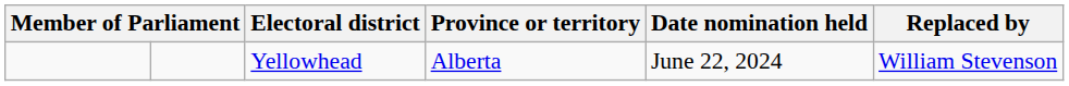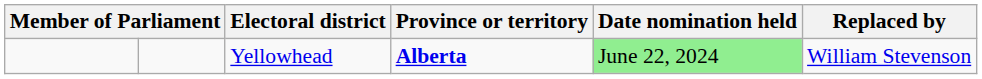 <table class="wikitable sortable">
 <tr>
 <th colspan="2">Member of Parliament</th>
 <th>Electoral district</th>
 <th>Province or territory</th>
 <th>Date nomination held</th>
 <th>Replaced by</th>
 </tr>
 <tr>
 <td> </td>
 <td></td>
 <td><a href='#'>Yellowhead</a></td>
-<td><a href='#'>Alberta</a></td>
-<td>June 22, 2024</td>
+<td><strong><a href='#'>Alberta</a></strong></td>
+<td style="background: lightgreen;">June 22, 2024</td>
 <td><a href='#'>William Stevenson</a></td>
 </tr>
 </table>
